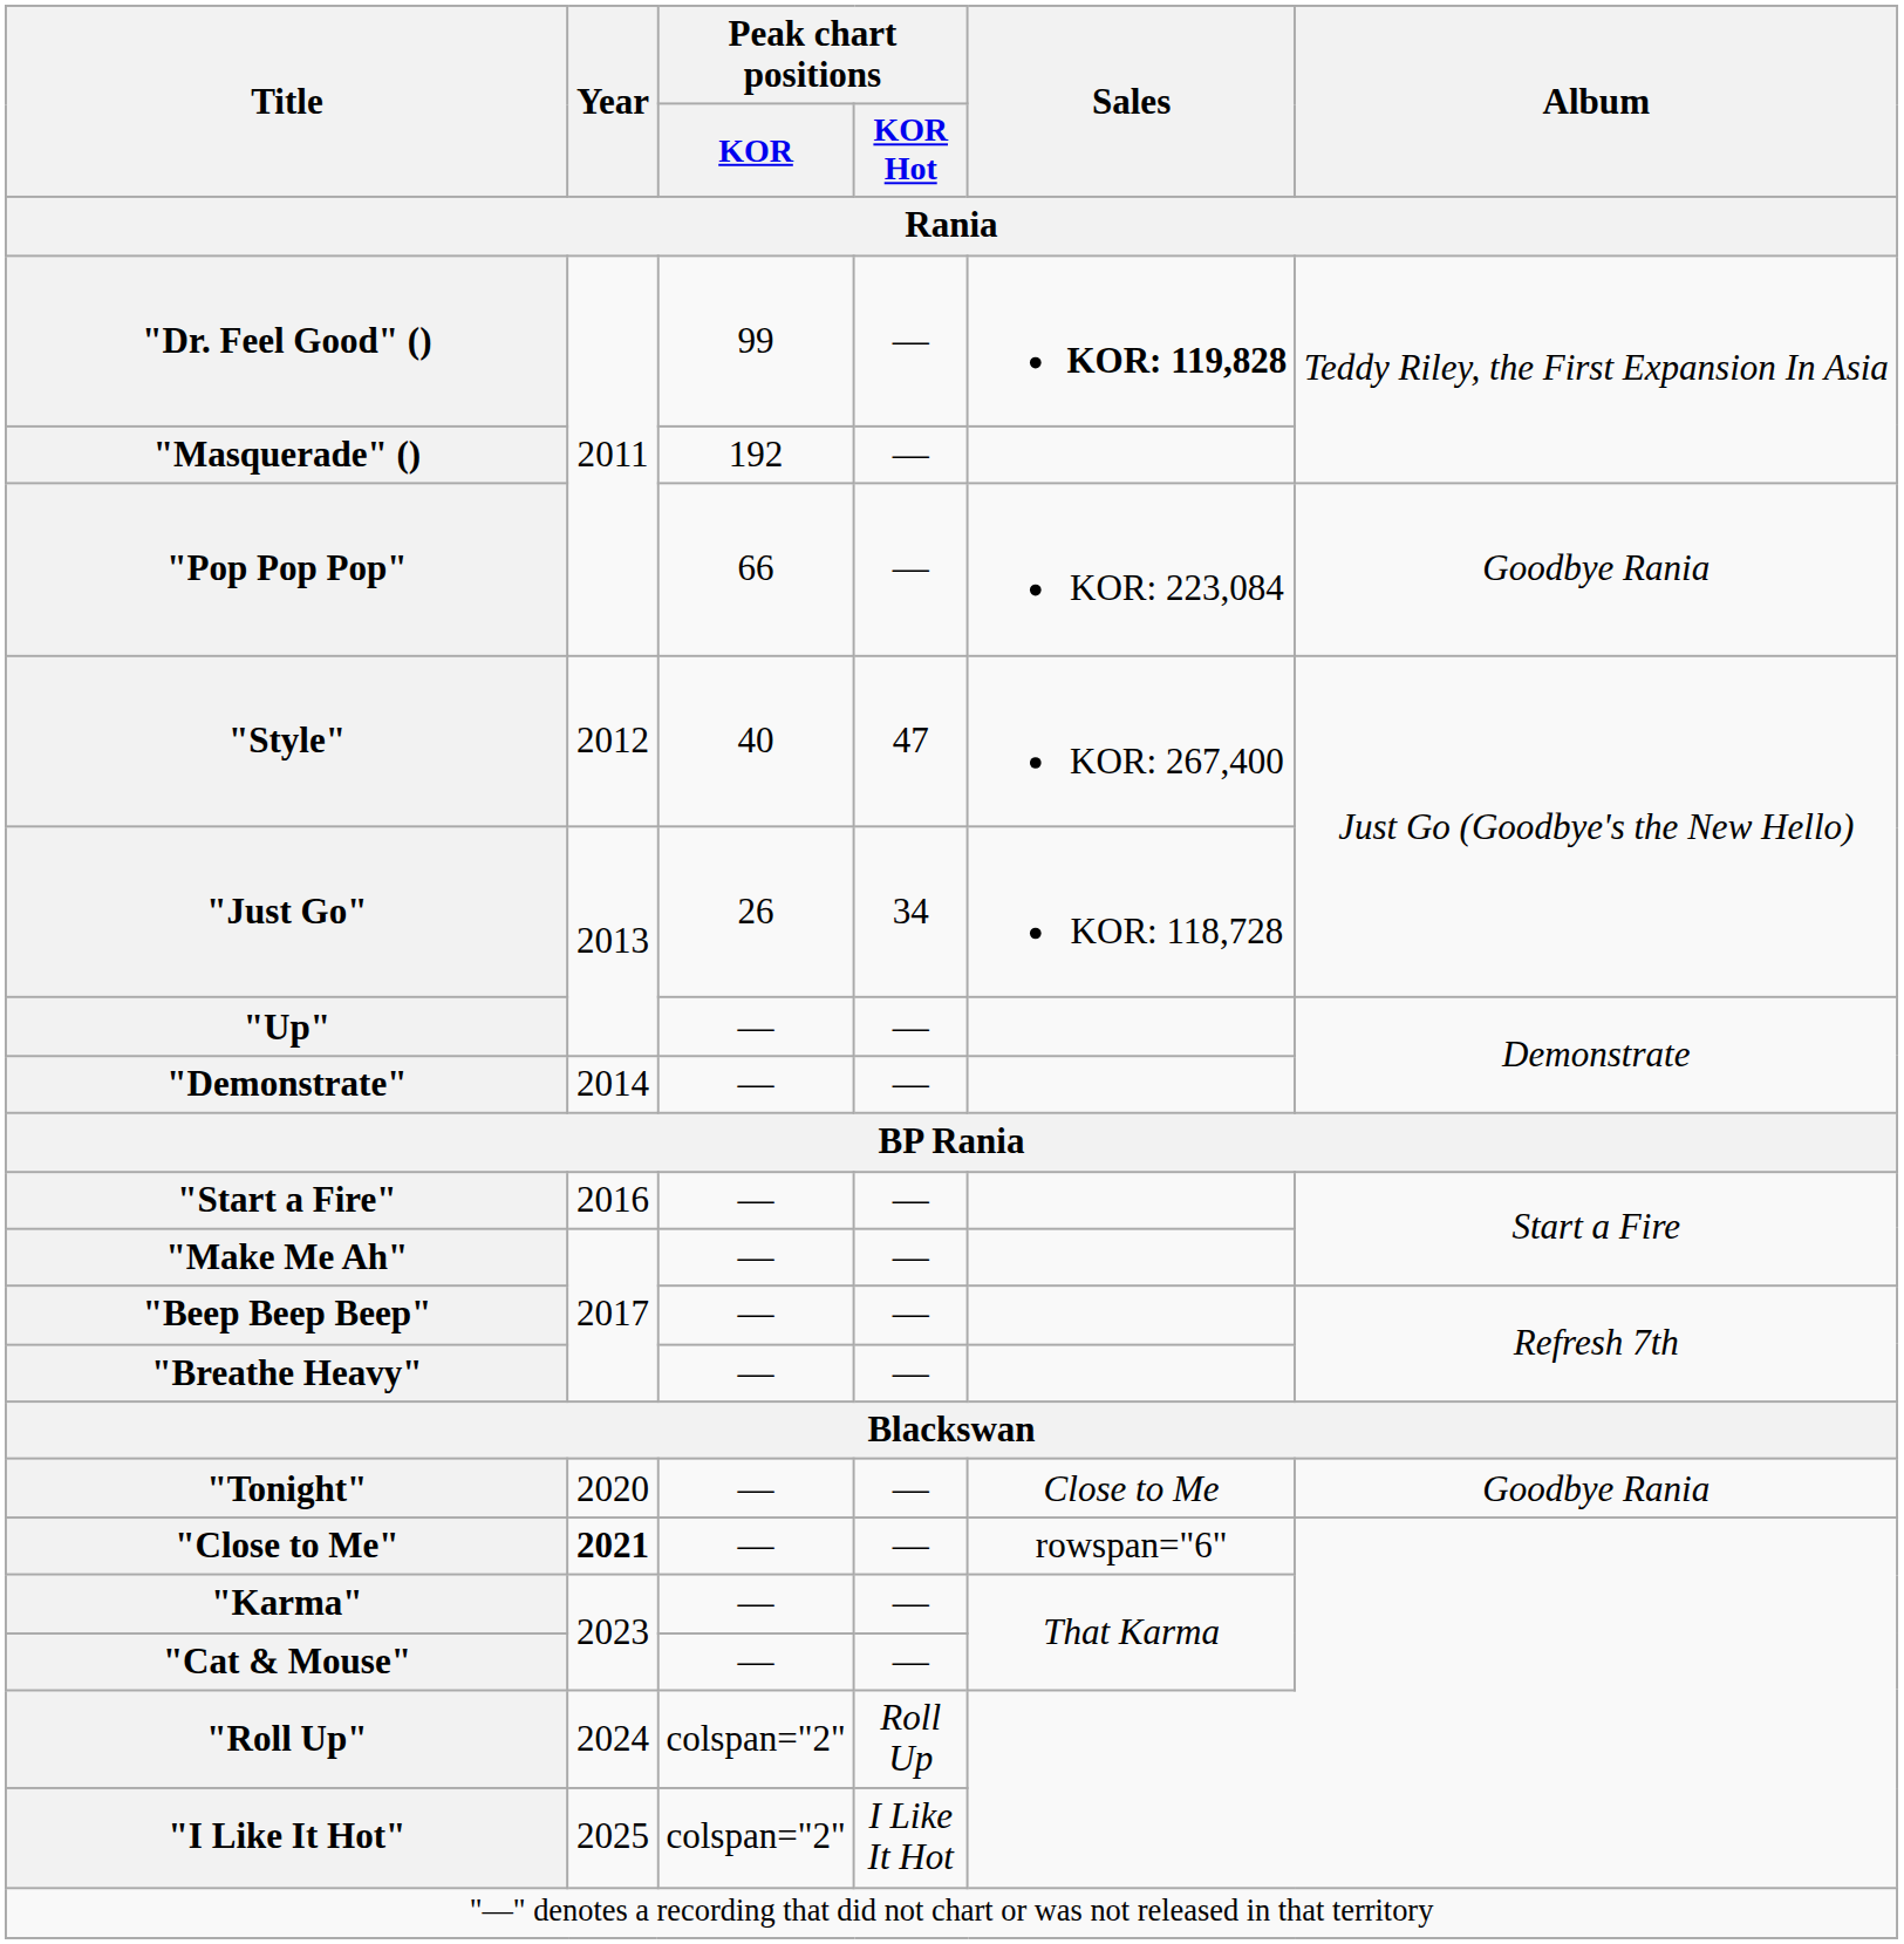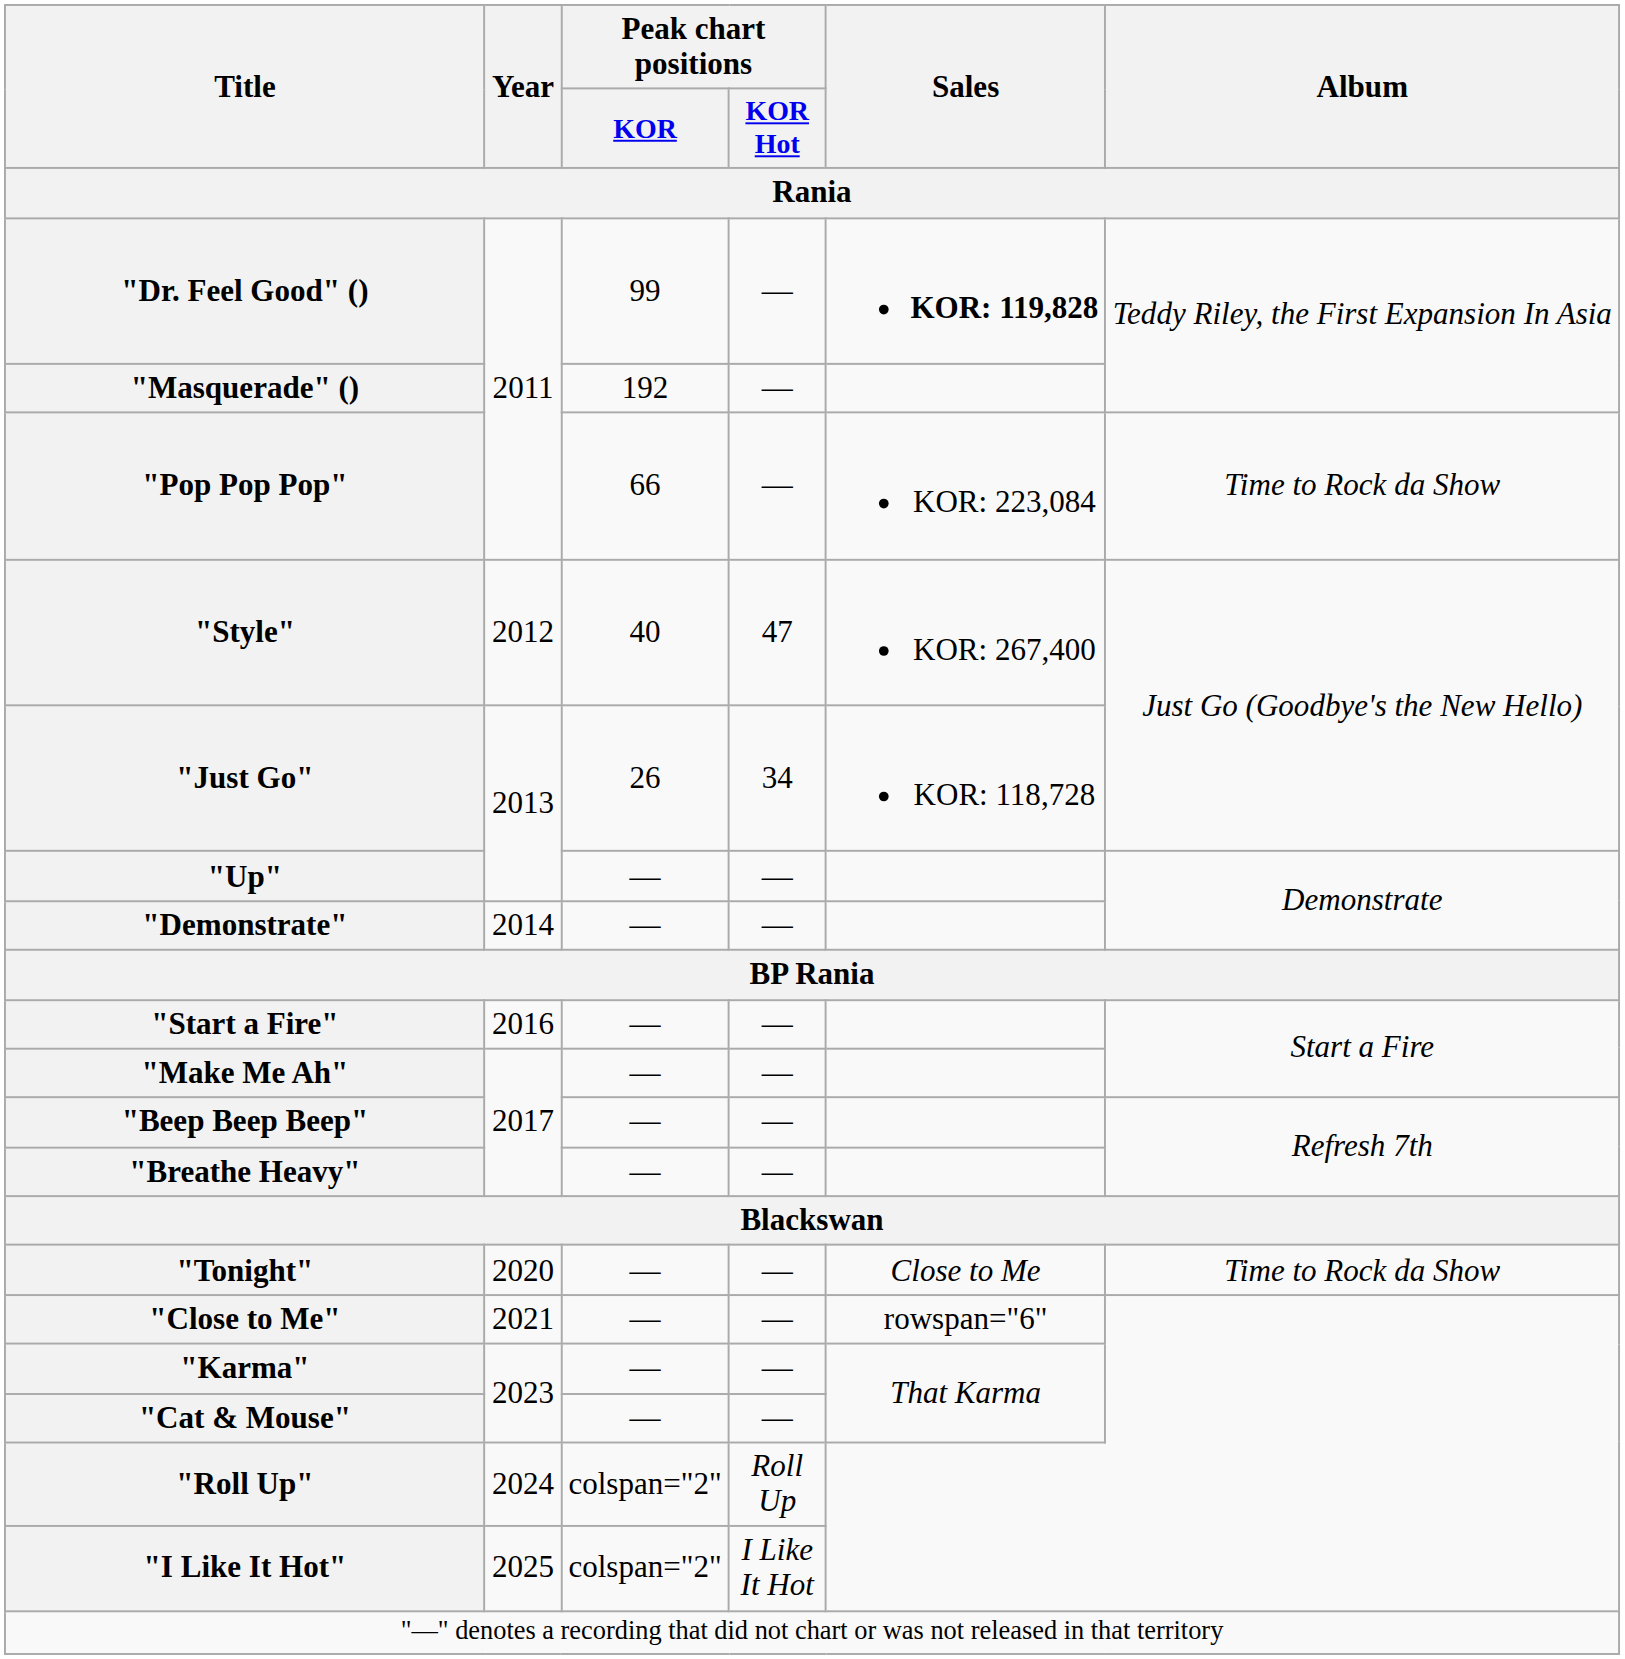 <table class="wikitable plainrowheaders" style="text-align:center">
 <tr>
 <th scope="col" scope="col" rowspan="2" style="width:15em">Title</th>
 <th scope="col" scope="col" rowspan="2">Year</th>
 <th scope="col" scope="col" colspan="2">Peak chart positions</th>
 <th scope="col" scope="col" rowspan="2">Sales</th>
 <th scope="col" scope="col" rowspan="2">Album</th>
 </tr>
 <tr>
 <th scope="col" style="width:3em;font-size:90%"><a href='#'>KOR</a><br></th>
 <th scope="col" style="width:3em;font-size:90%"><a href='#'>KOR<br>Hot</a><br></th>
 </tr>
 <tr>
 <th colspan="6">Rania</th>
 </tr>
 <tr>
 <th scope="row">"Dr. Feel Good" ()</th>
 <td rowspan="3">2011</td>
 <td>99</td>
 <td>—</td>
 <td><strong><br><ul><li>KOR: 119,828</li></ul></strong></td>
 <td rowspan="2"><em>Teddy Riley, the First Expansion In Asia</em></td>
 </tr>
 <tr>
 <th scope="row">"Masquerade" ()</th>
 <td>192</td>
 <td>—</td>
 <td></td>
 </tr>
 <tr>
 <th scope="row">"Pop Pop Pop"</th>
 <td>66</td>
 <td>—</td>
 <td><br><ul><li>KOR: 223,084</li></ul></td>
-<td><em>Goodbye Rania</em></td>
+<td><em>Time to Rock da Show</em></td>
 </tr>
 <tr>
 <th scope="row">"Style"</th>
 <td>2012</td>
 <td>40</td>
 <td>47</td>
 <td><br><ul><li>KOR: 267,400</li></ul></td>
 <td rowspan="2"><em>Just Go (Goodbye's the New Hello)</em></td>
 </tr>
 <tr>
 <th scope="row">"Just Go"</th>
 <td rowspan="2">2013</td>
 <td>26</td>
 <td>34</td>
 <td><br><ul><li>KOR: 118,728</li></ul></td>
 </tr>
 <tr>
 <th scope="row">"Up"</th>
 <td>—</td>
 <td>—</td>
 <td></td>
 <td rowspan="2"><em>Demonstrate</em></td>
 </tr>
 <tr>
 <th scope="row">"Demonstrate"</th>
 <td>2014</td>
 <td>—</td>
 <td>—</td>
 <td></td>
 </tr>
 <tr>
 <th colspan="6">BP Rania</th>
 </tr>
 <tr>
 <th scope="row">"Start a Fire"</th>
 <td>2016</td>
 <td>—</td>
 <td>—</td>
 <td></td>
 <td rowspan="2"><em>Start a Fire</em></td>
 </tr>
 <tr>
 <th scope="row">"Make Me Ah"</th>
 <td rowspan="3">2017</td>
 <td>—</td>
 <td>—</td>
 <td></td>
 </tr>
 <tr>
 <th scope="row">"Beep Beep Beep"</th>
 <td>—</td>
 <td>—</td>
 <td></td>
 <td rowspan="2"><em>Refresh 7th</em></td>
 </tr>
 <tr>
 <th scope="row">"Breathe Heavy"</th>
 <td>—</td>
 <td>—</td>
 <td></td>
 </tr>
 <tr>
 <th colspan="6">Blackswan</th>
 </tr>
 <tr>
 <th scope="row">"Tonight"</th>
 <td>2020</td>
 <td>—</td>
 <td>—</td>
 <td><em>Close to Me</em></td>
-<td><em>Goodbye Rania</em></td>
+<td><em>Time to Rock da Show</em></td>
 </tr>
 <tr>
 <th scope="row">"Close to Me"</th>
-<td><strong>2021</strong></td>
+<td>2021</td>
 <td>—</td>
 <td>—</td>
 <td>rowspan="6" </td>
 </tr>
 <tr>
 <th scope="row">"Karma"</th>
 <td rowspan="2">2023</td>
 <td>—</td>
 <td>—</td>
 <td rowspan="2"><em>That Karma</em></td>
 </tr>
 <tr>
 <th scope="row">"Cat & Mouse"</th>
 <td>—</td>
 <td>—</td>
 </tr>
 <tr>
 <th scope="row">"Roll Up"</th>
 <td>2024</td>
 <td>colspan="2" </td>
 <td><em>Roll Up</em></td>
 </tr>
 <tr>
 <th scope="row">"I Like It Hot"</th>
 <td>2025</td>
 <td>colspan="2" </td>
 <td><em>I Like It Hot</em></td>
 </tr>
 <tr>
 <td colspan="7" style="font-size:85%">"—" denotes a recording that did not chart or was not released in that territory</td>
 </tr>
 </table>
